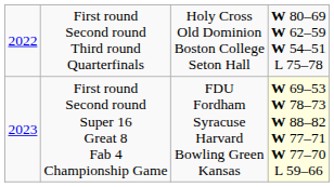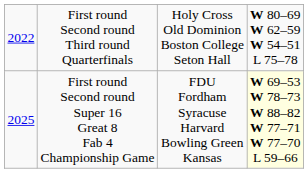 <table class="wikitable" style="text-align:center;">
 <tr>
 <td><a href='#'>2022</a></td>
 <td>First round<br>Second round<br>Third round<br>Quarterfinals</td>
 <td>Holy Cross<br>Old Dominion<br>Boston College<br>Seton Hall</td>
 <td><strong>W</strong> 80–69<br><strong>W</strong> 62–59<br><strong>W</strong> 54–51<br>L 75–78</td>
 </tr>
 <tr>
-<td><a href='#'>2023</a></td>
+<td><a href='#'>2025</a></td>
 <td>First round<br>Second round<br>Super 16<br>Great 8<br>Fab 4<br>Championship Game</td>
 <td>FDU<br>Fordham<br>Syracuse<br>Harvard<br>Bowling Green<br>Kansas</td>
 <td style="background: lightyellow;"><strong>W</strong> 69–53<br><strong>W</strong> 78–73<br><strong>W</strong> 88–82<br><strong>W</strong> 77–71<br><strong>W</strong> 77–70<br>L 59–66</td>
 </tr>
 </table>
